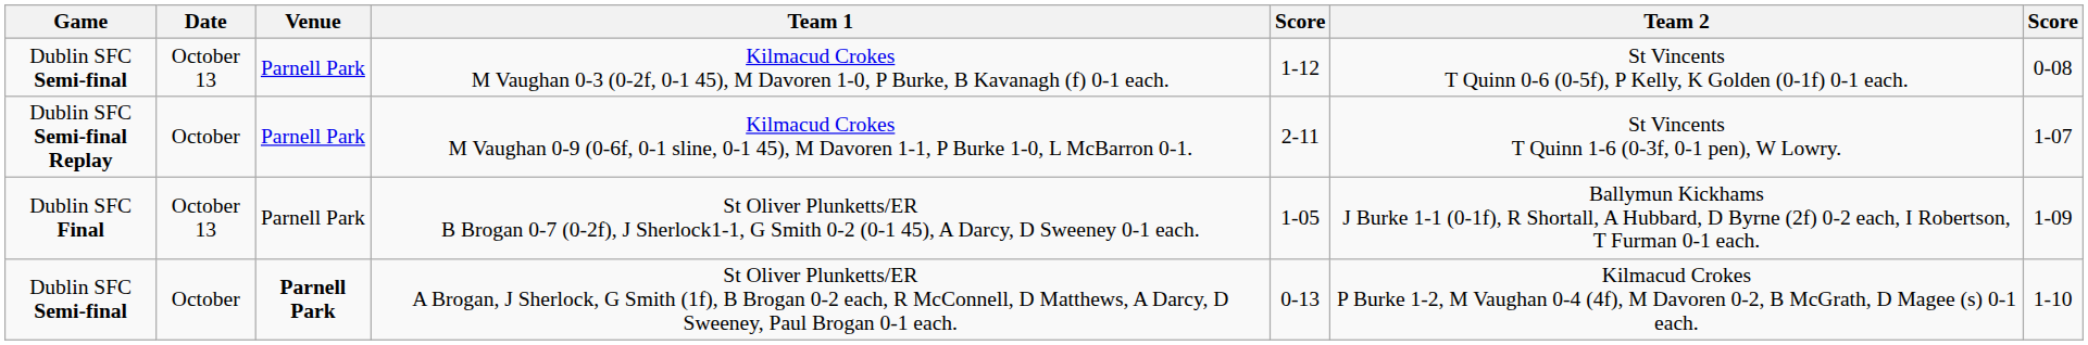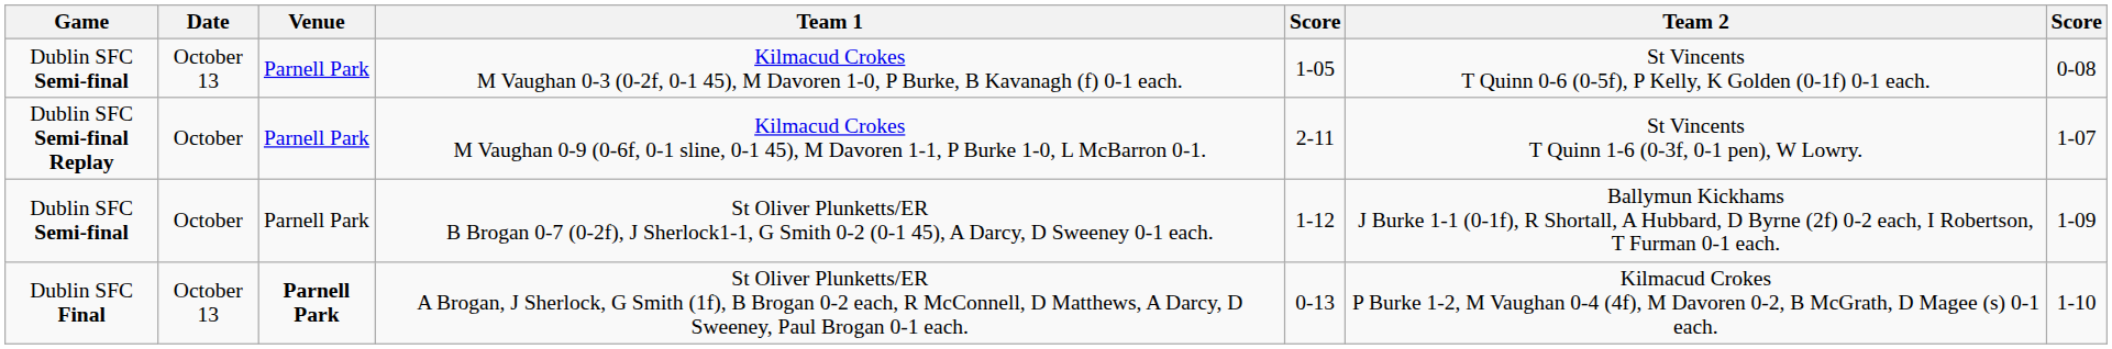 <table class="wikitable">
 <tr>
 <th>Game</th>
 <th>Date</th>
 <th>Venue</th>
 <th>Team 1</th>
 <th>Score</th>
 <th>Team 2</th>
 <th>Score</th>
 </tr>
 <tr style="text-align:center;">
 <td>Dublin SFC<br><strong>Semi-final</strong></td>
 <td>October 13</td>
 <td><a href='#'>Parnell Park</a></td>
 <td><a href='#'>Kilmacud Crokes</a><br>M Vaughan 0-3 (0-2f, 0-1 45), M Davoren 1-0, P Burke, B Kavanagh (f) 0-1 each.</td>
-<td>1-12</td>
+<td>1-05</td>
 <td>St Vincents<br>T Quinn 0-6 (0-5f), P Kelly, K Golden (0-1f) 0-1 each.</td>
 <td>0-08</td>
 </tr>
 <tr style="text-align:center;">
 <td>Dublin SFC<br><strong>Semi-final Replay</strong></td>
 <td>October</td>
 <td><a href='#'>Parnell Park</a></td>
 <td><a href='#'>Kilmacud Crokes</a><br>M Vaughan 0-9 (0-6f, 0-1 sline, 0-1 45), M Davoren 1-1, P Burke 1-0, L McBarron 0-1.</td>
 <td>2-11</td>
 <td>St Vincents<br>T Quinn 1-6 (0-3f, 0-1 pen), W Lowry.</td>
 <td>1-07</td>
 </tr>
 <tr style="text-align:center;">
-<td>Dublin SFC<br><strong>Final</strong></td>
-<td>October 13</td>
+<td>Dublin SFC<br><strong>Semi-final</strong></td>
+<td>October</td>
 <td>Parnell Park</td>
 <td>St Oliver Plunketts/ER<br>B Brogan 0-7 (0-2f), J Sherlock1-1, G Smith 0-2 (0-1 45), A Darcy, D Sweeney 0-1 each.</td>
-<td>1-05</td>
+<td>1-12</td>
 <td>Ballymun Kickhams<br>J Burke 1-1 (0-1f), R Shortall, A Hubbard, D Byrne (2f) 0-2 each, I Robertson, T Furman 0-1 each.</td>
 <td>1-09</td>
 </tr>
 <tr style="text-align:center;">
-<td>Dublin SFC<br><strong>Semi-final</strong></td>
-<td>October</td>
+<td>Dublin SFC<br><strong>Final</strong></td>
+<td>October 13</td>
 <td><strong>Parnell Park</strong></td>
 <td>St Oliver Plunketts/ER<br>A Brogan, J Sherlock, G Smith (1f), B Brogan 0-2 each, R McConnell, D Matthews, A Darcy, D Sweeney, Paul Brogan 0-1 each.</td>
 <td>0-13</td>
 <td>Kilmacud Crokes<br>P Burke 1-2, M Vaughan 0-4 (4f), M Davoren 0-2, B McGrath, D Magee (s) 0-1 each.</td>
 <td>1-10</td>
 </tr>
 </table>
